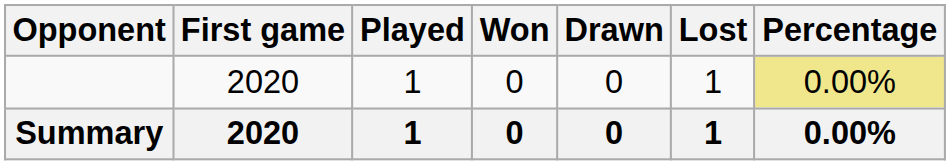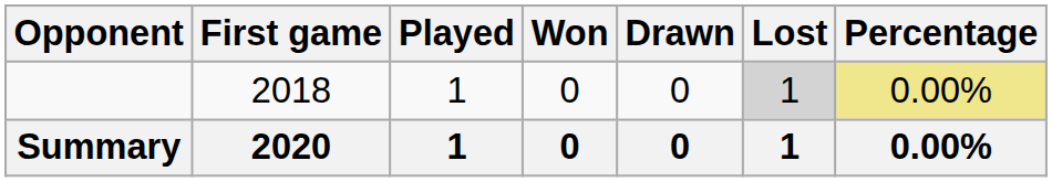 <table class="wikitable" style="text-align: center;">
 <tr>
 <th>Opponent</th>
 <th>First game</th>
 <th>Played</th>
 <th>Won</th>
 <th>Drawn</th>
 <th>Lost</th>
 <th>Percentage</th>
 </tr>
 <tr>
 <td style="text-align: left;"></td>
-<td>2020</td>
+<td>2018</td>
 <td>1</td>
 <td>0</td>
 <td>0</td>
-<td>1</td>
+<td style="background: lightgrey;">1</td>
 <td style="background: khaki;">0.00%</td>
 </tr>
 <tr>
 <th>Summary</th>
 <th>2020</th>
 <th>1</th>
 <th>0</th>
 <th>0</th>
 <th>1</th>
 <th>0.00%</th>
 </tr>
 </table>
